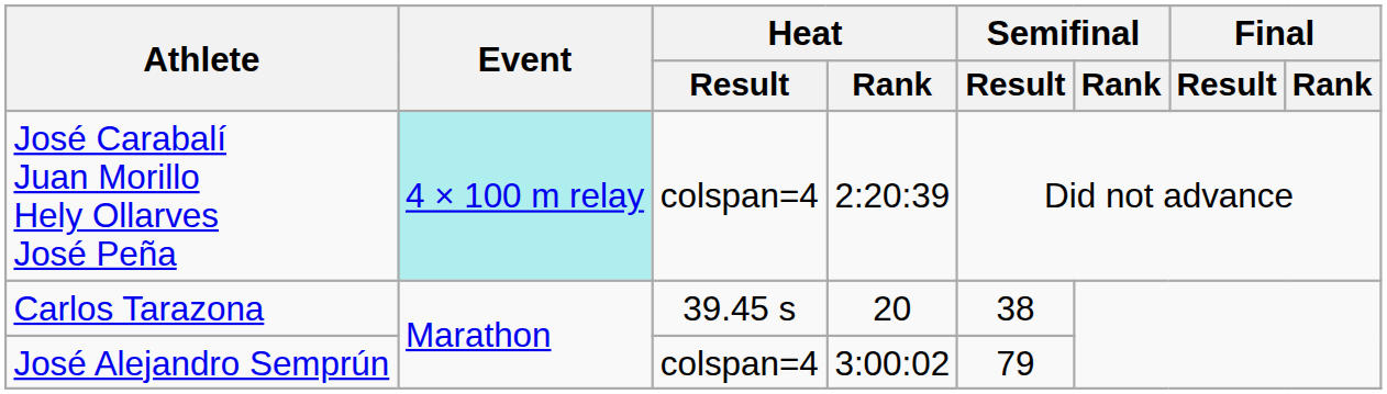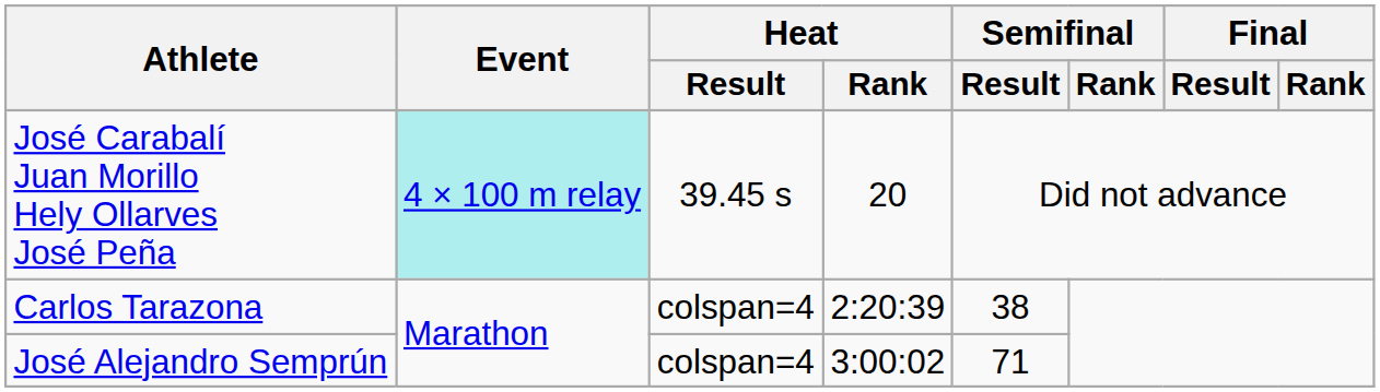 <table class="wikitable" style="font-size:90%">
 <tr>
 <th rowspan=2>Athlete</th>
 <th rowspan=2>Event</th>
 <th colspan=2>Heat</th>
 <th colspan=2>Semifinal</th>
 <th colspan=2>Final</th>
 </tr>
 <tr style="font-size:95%">
 <th>Result</th>
 <th>Rank</th>
 <th>Result</th>
 <th>Rank</th>
 <th>Result</th>
 <th>Rank</th>
 </tr>
 <tr align=center>
 <td align=left><a href='#'>José Carabalí</a><br><a href='#'>Juan Morillo</a><br><a href='#'>Hely Ollarves</a><br><a href='#'>José Peña</a></td>
 <td align=left style="background: paleturquoise;"><a href='#'>4 × 100 m relay</a></td>
-<td>colspan=4 </td>
-<td>2:20:39</td>
+<td>39.45 s</td>
+<td>20</td>
 <td colspan=4>Did not advance</td>
 </tr>
 <tr align=center>
 <td align=left><a href='#'>Carlos Tarazona</a></td>
 <td align=left rowspan=2><a href='#'>Marathon</a></td>
-<td>39.45 s</td>
-<td>20</td>
+<td>colspan=4 </td>
+<td>2:20:39</td>
 <td>38</td>
 </tr>
 <tr align=center>
 <td align=left><a href='#'>José Alejandro Semprún</a></td>
 <td>colspan=4 </td>
 <td>3:00:02</td>
-<td>79</td>
+<td>71</td>
 </tr>
 </table>
